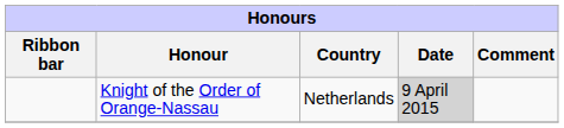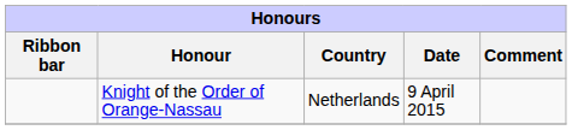 <table class="wikitable" style="width:60%;">
 <tr style="background:#ccf; text-align:center;">
 <td colspan=5><strong>Honours</strong></td>
 </tr>
 <tr>
 <th style="width:80px;">Ribbon bar</th>
 <th>Honour</th>
 <th>Country</th>
 <th>Date</th>
 <th>Comment</th>
 </tr>
 <tr>
 <td></td>
 <td><a href='#'>Knight</a> of the <a href='#'>Order of Orange-Nassau</a></td>
 <td>Netherlands</td>
-<td style="background: lightgrey;">9 April 2015</td>
+<td>9 April 2015</td>
 <td></td>
 </tr>
 <tr>
 </tr>
 </table>
